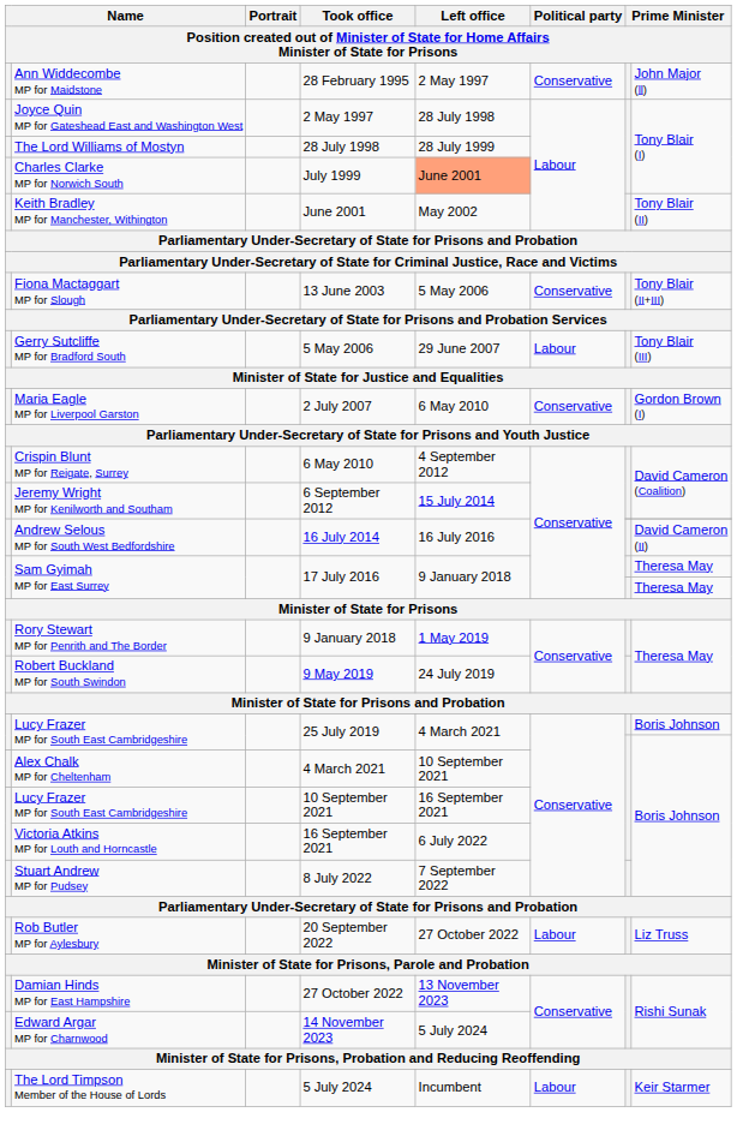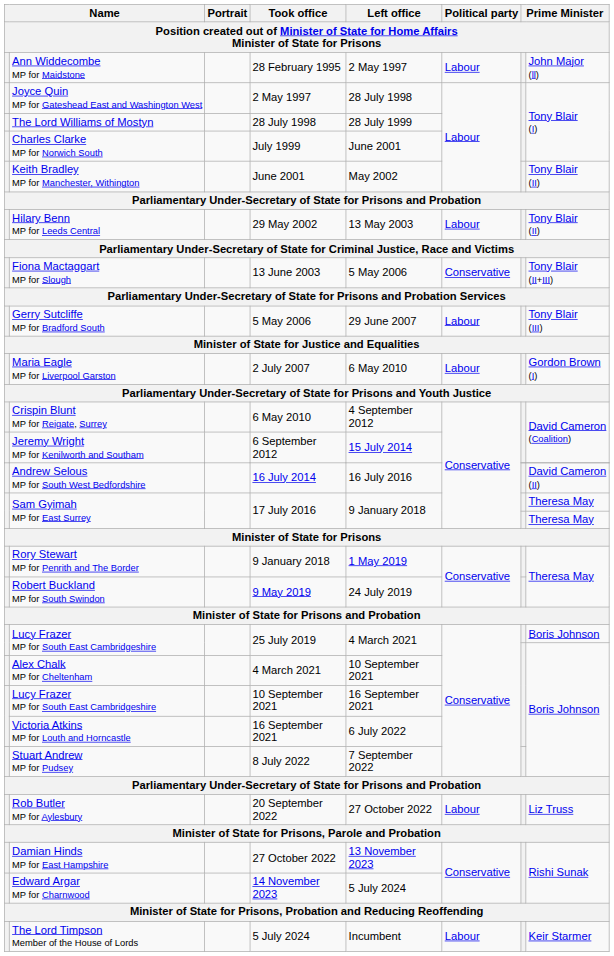 <table class="wikitable">
 <tr>
 <th colspan="2">Name</th>
 <th>Portrait</th>
 <th width="130">Took office</th>
 <th width="130">Left office</th>
 <th>Political party</th>
 <th colspan="2">Prime Minister</th>
 </tr>
 <tr>
 <th colspan="8">Position created out of <a href='#'>Minister of State for Home Affairs</a><br>Minister of State for Prisons</th>
 </tr>
 <tr>
 <th style="background-color: "></th>
 <td><a href='#'>Ann Widdecombe</a> <br> <small>MP for <a href='#'>Maidstone</a></small></td>
 <td></td>
 <td>28 February 1995</td>
 <td>2 May 1997</td>
-<td><a href='#'>Conservative</a></td>
+<td><a href='#'>Labour</a></td>
 <th style="background-color: "></th>
 <td><a href='#'>John Major</a> <br> <small>(<a href='#'>ll</a>)</small></td>
 </tr>
 <tr>
 <th style="background-color: "></th>
 <td><a href='#'>Joyce Quin</a> <br> <small>MP for <a href='#'>Gateshead East and Washington West</a></small></td>
 <td></td>
 <td>2 May 1997</td>
 <td>28 July 1998</td>
 <td rowspan="4"><a href='#'>Labour</a></td>
 <th rowspan="3" style="background-color: "></th>
 <td rowspan="3"><a href='#'>Tony Blair</a> <br> <small>(<a href='#'>I</a>)</small></td>
 </tr>
 <tr>
 <th style="background-color: "></th>
 <td><a href='#'>The Lord Williams of Mostyn</a></td>
 <td></td>
 <td>28 July 1998</td>
 <td>28 July 1999</td>
 </tr>
 <tr>
 <th style="background-color: "></th>
 <td><a href='#'>Charles Clarke</a> <br> <small>MP for <a href='#'>Norwich South</a></small></td>
 <td></td>
 <td>July 1999</td>
-<td style="background: lightsalmon;">June 2001</td>
+<td>June 2001</td>
 </tr>
 <tr>
 <th style="background-color: "></th>
 <td><a href='#'>Keith Bradley</a> <br> <small>MP for <a href='#'>Manchester, Withington</a></small></td>
 <td></td>
 <td>June 2001</td>
 <td>May 2002</td>
 <th style="background-color: "></th>
 <td><a href='#'>Tony Blair</a> <br> <small>(<a href='#'>II</a>)</small></td>
 </tr>
 <tr>
 <th colspan="8">Parliamentary Under-Secretary of State for Prisons and Probation</th>
+</tr>
+<tr>
+<th style="background-color: "></th>
+<td><a href='#'>Hilary Benn</a> <br> <small>MP for <a href='#'>Leeds Central</a></small></td>
+<td></td>
+<td>29 May 2002</td>
+<td>13 May 2003</td>
+<td><a href='#'>Labour</a></td>
+<th style="background-color: "></th>
+<td><a href='#'>Tony Blair</a> <br> <small>(<a href='#'>II</a>)</small></td>
 </tr>
 <tr>
 <th colspan="8">Parliamentary Under-Secretary of State for Criminal Justice, Race and Victims</th>
 </tr>
 <tr>
 <th style="background-color: "></th>
 <td><a href='#'>Fiona Mactaggart</a> <br> <small>MP for <a href='#'>Slough</a></small></td>
 <td></td>
 <td>13 June 2003</td>
 <td>5 May 2006</td>
 <td><a href='#'>Conservative</a></td>
 <th style="background-color: "></th>
 <td><a href='#'>Tony Blair</a> <br> <small>(<a href='#'>II</a>+<a href='#'>III</a>)</small></td>
 </tr>
 <tr>
 <th colspan="8">Parliamentary Under-Secretary of State for Prisons and Probation Services</th>
 </tr>
 <tr>
 <th style="background-color: "></th>
 <td><a href='#'>Gerry Sutcliffe</a> <br> <small>MP for <a href='#'>Bradford South</a></small></td>
 <td></td>
 <td>5 May 2006</td>
 <td>29 June 2007</td>
 <td><a href='#'>Labour</a></td>
 <th style="background-color: "></th>
 <td><a href='#'>Tony Blair</a> <br> <small>(<a href='#'>III</a>)</small></td>
 </tr>
 <tr>
 <th colspan="8">Minister of State for Justice and Equalities</th>
 </tr>
 <tr>
 <th style="background-color: "></th>
 <td><a href='#'>Maria Eagle</a> <br> <small>MP for <a href='#'>Liverpool Garston</a></small></td>
 <td></td>
 <td>2 July 2007</td>
 <td>6 May 2010</td>
-<td><a href='#'>Conservative</a></td>
+<td><a href='#'>Labour</a></td>
 <th style="background-color: "></th>
 <td><a href='#'>Gordon Brown</a> <br> <small>(<a href='#'>I</a>)</small></td>
 </tr>
 <tr>
 <th colspan="8">Parliamentary Under-Secretary of State for Prisons and Youth Justice</th>
 </tr>
 <tr>
 <th style="background-color: "></th>
 <td><a href='#'>Crispin Blunt</a> <br> <small>MP for <a href='#'>Reigate</a>, <a href='#'>Surrey</a></small></td>
 <td></td>
 <td>6 May 2010</td>
 <td>4 September 2012</td>
 <td rowspan="6"><a href='#'>Conservative</a></td>
 <th rowspan="2" style="background-color: "></th>
 <td rowspan="2"><a href='#'>David Cameron</a> <br> <small>(<a href='#'>Coalition</a>)</small></td>
 </tr>
 <tr>
 <th style="background-color: "></th>
 <td><a href='#'>Jeremy Wright</a> <br> <small>MP for <a href='#'>Kenilworth and Southam</a></small></td>
 <td></td>
 <td>6 September 2012</td>
 <td><a href='#'>15 July 2014</a></td>
 </tr>
 <tr>
 <th rowspan="2" style="background-color: "></th>
 <td rowspan="2"><a href='#'>Andrew Selous</a><br><small>MP for <a href='#'>South West Bedfordshire</a></small></td>
 <td rowspan="2"></td>
 <td rowspan="2"><a href='#'>16 July 2014</a></td>
 <td rowspan="2">16 July 2016</td>
 </tr>
 <tr>
 <th style="background-color: "></th>
 <td><a href='#'>David Cameron</a> <br> <small>(<a href='#'>II</a>)</small></td>
 </tr>
 <tr>
 <th rowspan="2" style="background-color: "></th>
 <td rowspan="2"><a href='#'>Sam Gyimah</a> <br> <small>MP for <a href='#'>East Surrey</a></small></td>
 <td rowspan="2"></td>
 <td rowspan="2">17 July 2016</td>
 <td rowspan="2">9 January 2018</td>
 <th style="background-color: "></th>
 <td><a href='#'>Theresa May</a><br></td>
 </tr>
 <tr>
 <th style="background-color: "></th>
 <td><a href='#'>Theresa May</a> <br> </td>
 </tr>
 <tr>
 <th colspan="8">Minister of State for Prisons</th>
 </tr>
 <tr>
 <th style="background-color: "></th>
 <td><a href='#'>Rory Stewart</a> <br> <small>MP for <a href='#'>Penrith and The Border</a></small></td>
 <td></td>
 <td>9 January 2018</td>
 <td><a href='#'>1 May 2019</a></td>
 <td rowspan="2"><a href='#'>Conservative</a></td>
 <th style="background-color: "></th>
 <td rowspan="2"><a href='#'>Theresa May</a> <br> </td>
 </tr>
 <tr>
 <th style="background-color: "></th>
 <td><a href='#'>Robert Buckland</a> <br> <small>MP for <a href='#'>South Swindon</a></small></td>
 <td></td>
 <td><a href='#'>9 May 2019</a></td>
 <td>24 July 2019</td>
 <th style="background-color: "></th>
 </tr>
 <tr>
 <th colspan="8">Minister of State for Prisons and Probation</th>
 </tr>
 <tr>
 <th rowspan="2" style="background-color: "></th>
 <td rowspan="2"><a href='#'>Lucy Frazer</a> <br> <small>MP for <a href='#'>South East Cambridgeshire</a></small></td>
 <td rowspan="2"></td>
 <td rowspan="2">25 July 2019</td>
 <td rowspan="2">4 March 2021</td>
 <td rowspan="6"><a href='#'>Conservative</a></td>
 <th style="background-color: "></th>
 <td><a href='#'>Boris Johnson</a> <br> </td>
 </tr>
 <tr>
 <th rowspan="4" style="background-color: "></th>
 <td rowspan="5"><a href='#'>Boris Johnson</a> <br> </td>
 </tr>
 <tr>
 <th style="background-color: "></th>
 <td><a href='#'>Alex Chalk</a> <br> <small>MP for <a href='#'>Cheltenham</a></small></td>
 <td></td>
 <td>4 March 2021</td>
 <td>10 September 2021</td>
 </tr>
 <tr>
 <th rowspan="2" style="background-color: "></th>
 <td><a href='#'>Lucy Frazer</a> <br> <small>MP for <a href='#'>South East Cambridgeshire</a></small></td>
 <td></td>
 <td>10 September 2021</td>
 <td>16 September 2021</td>
 </tr>
 <tr>
 <td><a href='#'>Victoria Atkins</a> <br> <small>MP for <a href='#'>Louth and Horncastle</a></small></td>
 <td></td>
 <td>16 September 2021</td>
 <td>6 July 2022</td>
 </tr>
 <tr>
 <th style="background-color: "></th>
 <td><a href='#'>Stuart Andrew</a> <br> <small>MP for <a href='#'>Pudsey</a></small></td>
 <td></td>
 <td>8 July 2022</td>
 <td>7 September 2022</td>
 <th style="background-color: "></th>
 </tr>
 <tr>
 <th colspan="8">Parliamentary Under-Secretary of State for Prisons and Probation</th>
 </tr>
 <tr>
 <th style="background-color: "></th>
 <td><a href='#'>Rob Butler</a> <br> <small>MP for <a href='#'>Aylesbury</a></small></td>
 <td></td>
 <td>20 September 2022</td>
 <td>27 October 2022</td>
 <td><a href='#'>Labour</a></td>
 <th style="background-color: "></th>
 <td><a href='#'>Liz Truss</a> <br> </td>
 </tr>
 <tr>
 <th colspan="8">Minister of State for Prisons, Parole and Probation</th>
 </tr>
 <tr>
 <th style="background-color: "></th>
 <td><a href='#'>Damian Hinds</a> <br> <small>MP for <a href='#'>East Hampshire</a></small></td>
 <td></td>
 <td>27 October 2022</td>
 <td><a href='#'>13 November 2023</a></td>
 <td rowspan="2"><a href='#'>Conservative</a></td>
 <th rowspan="2" style="background-color: "></th>
 <td rowspan="2"><a href='#'>Rishi Sunak</a> <br> </td>
 </tr>
 <tr>
 <th style="background-color: "></th>
 <td><a href='#'>Edward Argar</a> <br> <small>MP for <a href='#'>Charnwood</a></small></td>
 <td></td>
 <td><a href='#'>14 November 2023</a></td>
 <td>5 July 2024</td>
 </tr>
 <tr>
 <th colspan="8">Minister of State for Prisons, Probation and Reducing Reoffending</th>
 </tr>
 <tr>
 <th style="background-color: "></th>
 <td><a href='#'>The Lord Timpson</a> <br> <small> Member of the House of Lords </small></td>
 <td></td>
 <td>5 July 2024</td>
 <td>Incumbent</td>
 <td rowspan="2"><a href='#'>Labour</a></td>
 <th rowspan="2" style="background-color: "></th>
 <td><a href='#'>Keir Starmer</a> <br> </td>
 </tr>
 </table>
